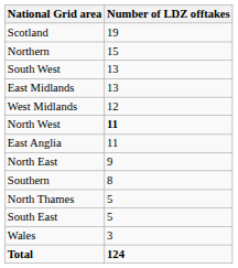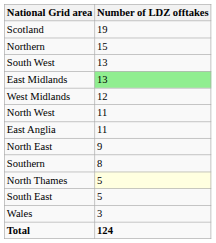 <table class="wikitable">
 <tr>
 <th>National Grid area</th>
 <th>Number of LDZ offtakes</th>
 </tr>
 <tr>
 <td>Scotland</td>
 <td>19</td>
 </tr>
 <tr>
 <td>Northern</td>
 <td>15</td>
 </tr>
 <tr>
 <td>South West</td>
 <td>13</td>
 </tr>
 <tr>
 <td>East Midlands</td>
-<td>13</td>
+<td style="background: lightgreen;">13</td>
 </tr>
 <tr>
 <td>West Midlands</td>
 <td>12</td>
 </tr>
 <tr>
 <td>North West</td>
-<td><strong>11</strong></td>
+<td>11</td>
 </tr>
 <tr>
 <td>East Anglia</td>
 <td>11</td>
 </tr>
 <tr>
 <td>North East</td>
 <td>9</td>
 </tr>
 <tr>
 <td>Southern</td>
 <td>8</td>
 </tr>
 <tr>
 <td>North Thames</td>
-<td>5</td>
+<td style="background: lightyellow;">5</td>
 </tr>
 <tr>
 <td>South East</td>
 <td>5</td>
 </tr>
 <tr>
 <td>Wales</td>
 <td>3</td>
 </tr>
 <tr>
 <td><strong>Total</strong></td>
 <td><strong>124</strong></td>
 </tr>
 </table>
